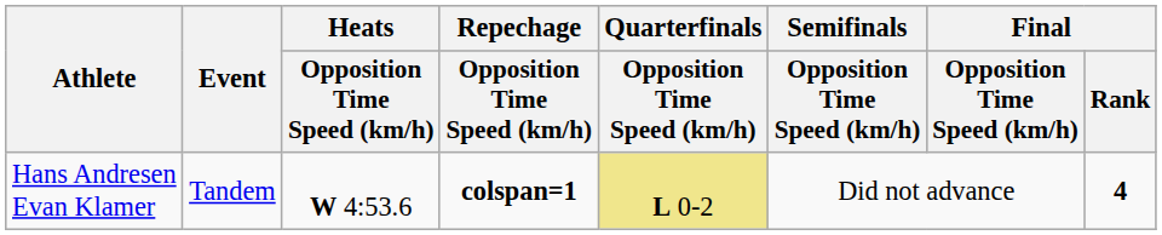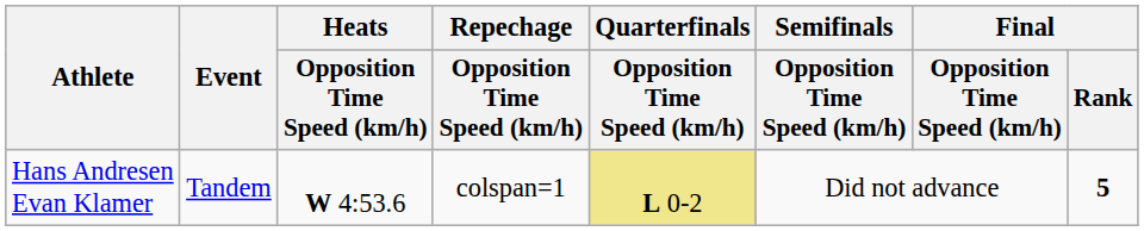 <table class="wikitable" style="font-size:90%">
 <tr>
 <th rowspan="2">Athlete</th>
 <th rowspan="2">Event</th>
 <th>Heats</th>
 <th>Repechage</th>
 <th>Quarterfinals</th>
 <th>Semifinals</th>
 <th colspan=2>Final</th>
 </tr>
 <tr style="font-size:95%">
 <th>Opposition<br>Time<br>Speed (km/h)</th>
 <th>Opposition<br>Time<br>Speed (km/h)</th>
 <th>Opposition<br>Time<br>Speed (km/h)</th>
 <th>Opposition<br>Time<br>Speed (km/h)</th>
 <th>Opposition<br>Time<br>Speed (km/h)</th>
 <th>Rank</th>
 </tr>
 <tr align=center>
 <td align=left><a href='#'>Hans Andresen</a><br><a href='#'>Evan Klamer</a></td>
 <td align=left><a href='#'>Tandem</a></td>
 <td><br><strong>W</strong> 4:53.6</td>
-<td><strong>colspan=1 </strong></td>
+<td>colspan=1 </td>
 <td style="background: khaki;"><br><strong>L</strong> 0-2</td>
 <td colspan=2>Did not advance</td>
-<td><strong>4</strong></td>
+<td><strong>5</strong></td>
 </tr>
 </table>
